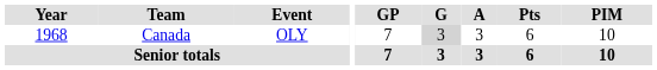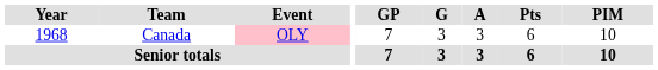 <table border="0" cellpadding="1" cellspacing="0" ID="Table3" style="text-align:center; width:40em">
 <tr bgcolor="#e0e0e0">
 <th>Year</th>
 <th>Team</th>
 <th>Event</th>
 <th rowspan="102" bgcolor="#ffffff"></th>
 <th>GP</th>
 <th>G</th>
 <th>A</th>
 <th>Pts</th>
 <th>PIM</th>
 </tr>
 <tr>
 <td><a href='#'>1968</a></td>
 <td><a href='#'>Canada</a></td>
-<td><a href='#'>OLY</a></td>
+<td style="background: pink;"><a href='#'>OLY</a></td>
 <td>7</td>
-<td style="background: lightgrey;">3</td>
+<td>3</td>
 <td>3</td>
 <td>6</td>
 <td>10</td>
 </tr>
 <tr bgcolor="#e0e0e0">
 <th colspan="3">Senior totals</th>
 <th>7</th>
 <th>3</th>
 <th>3</th>
 <th>6</th>
 <th>10</th>
 </tr>
 </table>
